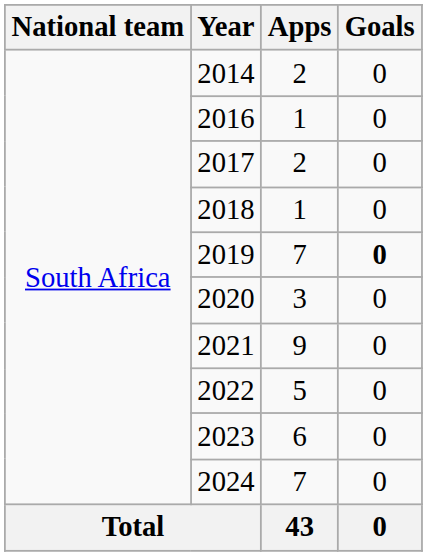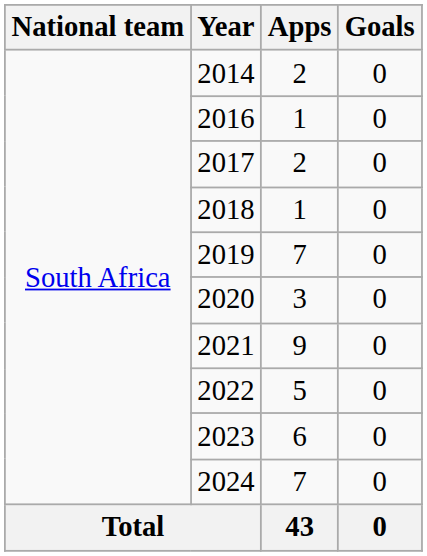 <table class=wikitable style=text-align:center>
 <tr>
 <th>National team</th>
 <th>Year</th>
 <th>Apps</th>
 <th>Goals</th>
 </tr>
 <tr>
 <td rowspan="10"><a href='#'>South Africa</a></td>
 <td>2014</td>
 <td>2</td>
 <td>0</td>
 </tr>
 <tr>
 <td>2016</td>
 <td>1</td>
 <td>0</td>
 </tr>
 <tr>
 <td>2017</td>
 <td>2</td>
 <td>0</td>
 </tr>
 <tr>
 <td>2018</td>
 <td>1</td>
 <td>0</td>
 </tr>
 <tr>
 <td>2019</td>
 <td>7</td>
-<td><strong>0</strong></td>
+<td>0</td>
 </tr>
 <tr>
 <td>2020</td>
 <td>3</td>
 <td>0</td>
 </tr>
 <tr>
 <td>2021</td>
 <td>9</td>
 <td>0</td>
 </tr>
 <tr>
 <td>2022</td>
 <td>5</td>
 <td>0</td>
 </tr>
 <tr>
 <td>2023</td>
 <td>6</td>
 <td>0</td>
 </tr>
 <tr>
 <td>2024</td>
 <td>7</td>
 <td>0</td>
 </tr>
 <tr>
 <th colspan="2">Total</th>
 <th>43</th>
 <th>0</th>
 </tr>
 </table>
